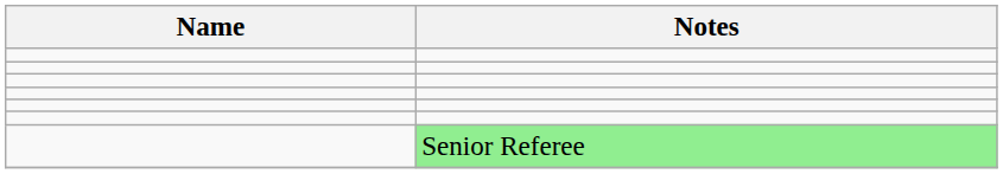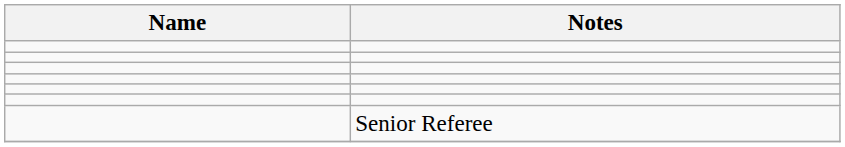 <table class="wikitable sortable" style="width:46%;">
 <tr>
 <th width=19%>Name</th>
 <th width=27%>Notes</th>
 </tr>
 <tr>
 <td></td>
 <td></td>
 </tr>
 <tr>
 <td></td>
 <td></td>
 </tr>
 <tr>
 <td></td>
 <td></td>
 </tr>
 <tr>
 <td></td>
 <td></td>
 </tr>
 <tr>
 <td></td>
 <td></td>
 </tr>
 <tr>
 <td></td>
 <td></td>
 </tr>
 <tr>
 <td></td>
-<td style="background: lightgreen;">Senior Referee</td>
+<td>Senior Referee</td>
 </tr>
 <tr>
 </tr>
 </table>
